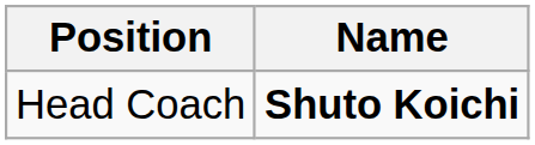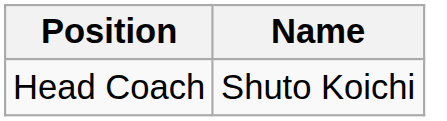 <table class="wikitable">
 <tr>
 <th>Position</th>
 <th>Name</th>
 </tr>
 <tr>
 <td>Head Coach</td>
-<td><strong> Shuto Koichi</strong></td>
+<td> Shuto Koichi</td>
 </tr>
 </table>
